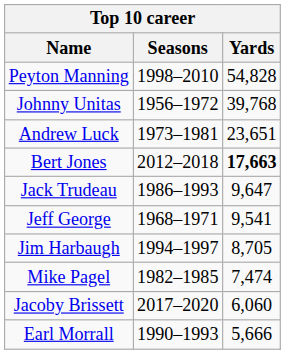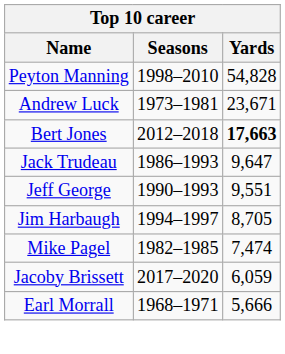 <table class="wikitable" style="text-align:center">
 <tr>
 <th colspan="3"><strong>Top 10 career</strong></th>
 </tr>
 <tr>
 <th><strong>Name</strong></th>
 <th><strong>Seasons</strong></th>
 <th><strong>Yards</strong></th>
 </tr>
 <tr>
 <td><a href='#'>Peyton Manning</a></td>
 <td>1998–2010</td>
 <td>54,828</td>
 </tr>
 <tr>
-<td><a href='#'>Johnny Unitas</a></td>
-<td>1956–1972</td>
-<td>39,768</td>
-</tr>
-<tr>
 <td><a href='#'>Andrew Luck</a></td>
 <td>1973–1981</td>
-<td>23,651</td>
+<td>23,671</td>
 </tr>
 <tr>
 <td><a href='#'>Bert Jones</a></td>
 <td>2012–2018</td>
 <td><strong>17,663</strong></td>
 </tr>
 <tr>
 <td><a href='#'>Jack Trudeau</a></td>
 <td>1986–1993</td>
 <td>9,647</td>
 </tr>
 <tr>
 <td><a href='#'>Jeff George</a></td>
-<td>1968–1971</td>
-<td>9,541</td>
+<td>1990–1993</td>
+<td>9,551</td>
 </tr>
 <tr>
 <td><a href='#'>Jim Harbaugh</a></td>
 <td>1994–1997</td>
 <td>8,705</td>
 </tr>
 <tr>
 <td><a href='#'>Mike Pagel</a></td>
 <td>1982–1985</td>
 <td>7,474</td>
 </tr>
 <tr>
 <td><a href='#'>Jacoby Brissett</a></td>
 <td>2017–2020</td>
-<td>6,060</td>
+<td>6,059</td>
 </tr>
 <tr>
 <td><a href='#'>Earl Morrall</a></td>
-<td>1990–1993</td>
+<td>1968–1971</td>
 <td>5,666</td>
 </tr>
 </table>
